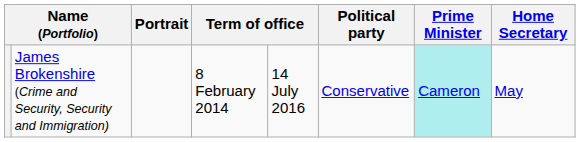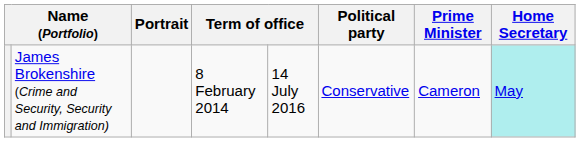 <table class="wikitable">
 <tr>
 <th colspan=2>Name<br><small>(<em>Portfolio</em>)</small></th>
 <th>Portrait</th>
 <th colspan=2>Term of office</th>
 <th>Political party</th>
 <th colspan=1><a href='#'>Prime Minister</a></th>
 <th><a href='#'>Home Secretary</a></th>
 </tr>
 <tr>
 <th style="background-color: "></th>
 <td><a href='#'>James Brokenshire</a><br><small>(<em>Crime and Security, Security and Immigration)</small></td>
 <td></td>
 <td>8 February 2014</td>
 <td>14 July 2016</td>
 <td><a href='#'>Conservative</a></td>
-<td style="background: paleturquoise;"><a href='#'>Cameron</a></td>
-<td><a href='#'>May</a></td>
+<td><a href='#'>Cameron</a></td>
+<td style="background: paleturquoise;"><a href='#'>May</a></td>
 </tr>
 </table>
